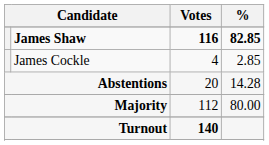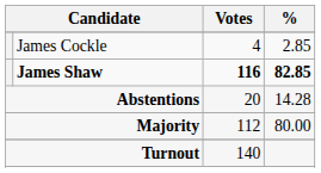 <table class="wikitable" style="font-size: 95%;">
 <tr style="background-color:#E9E9E9">
 <th colspan="2" style="width: 170px">Candidate</th>
 <th style="width: 50px">Votes</th>
 <th style="width: 40px">%</th>
 </tr>
 <tr>
 </tr>
 <tr>
 <th style="background-color: "></th>
+<td style="width: 170px">James Cockle</td>
+<td align="right">4</td>
+<td align="right">2.85</td>
+</tr>
+<tr>
+<th style="background-color: "></th>
 <td style="width: 170px"><strong>James Shaw</strong></td>
 <td align="right"><strong>116</strong></td>
 <td align="right"><strong>82.85</strong></td>
-</tr>
-<tr>
-<th style="background-color: "></th>
-<td style="width: 170px">James Cockle</td>
-<td align="right">4</td>
-<td align="right">2.85</td>
 </tr>
 <tr style="background-color:#F6F6F6">
 <td colspan="2" align="right"><strong>Abstentions</strong></td>
 <td align="right">20</td>
 <td align="right">14.28</td>
 </tr>
 <tr>
 </tr>
 <tr style="background-color:#F6F6F6">
 <td colspan="2" align="right"><strong>Majority</strong></td>
 <td align="right">112</td>
 <td align="right">80.00</td>
 </tr>
 <tr>
 </tr>
 <tr style="background-color:#F6F6F6">
 <td colspan="2" align="right"><strong>Turnout</strong></td>
-<td align="right"><strong>140</strong></td>
+<td align="right">140</td>
 <td></td>
 </tr>
 <tr>
 </tr>
 <tr style="background-color:#F6F6F6">
 </tr>
 </table>
